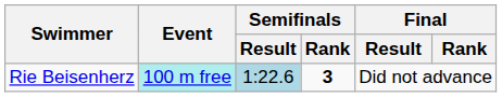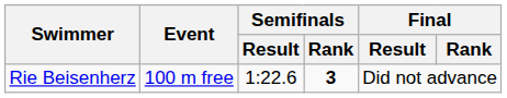 <table class=wikitable style="font-size:90%">
 <tr>
 <th rowspan=2>Swimmer</th>
 <th rowspan=2>Event</th>
 <th colspan=2>Semifinals</th>
 <th colspan=2>Final</th>
 </tr>
 <tr>
 <th>Result</th>
 <th>Rank</th>
 <th>Result</th>
 <th>Rank</th>
 </tr>
 <tr>
 <td><a href='#'>Rie Beisenherz</a></td>
-<td style="background: paleturquoise;"><a href='#'>100 m free</a></td>
-<td align=center style="background: lightblue;">1:22.6</td>
+<td><a href='#'>100 m free</a></td>
+<td align=center>1:22.6</td>
 <td align=center><strong>3</strong></td>
 <td align=center colspan=2>Did not advance</td>
 </tr>
 </table>
